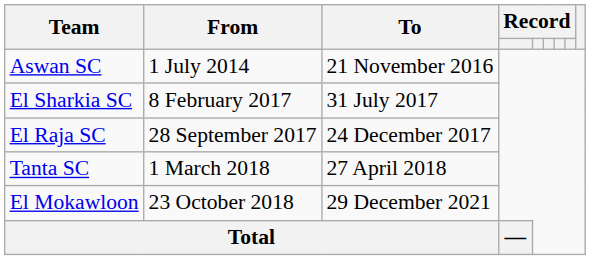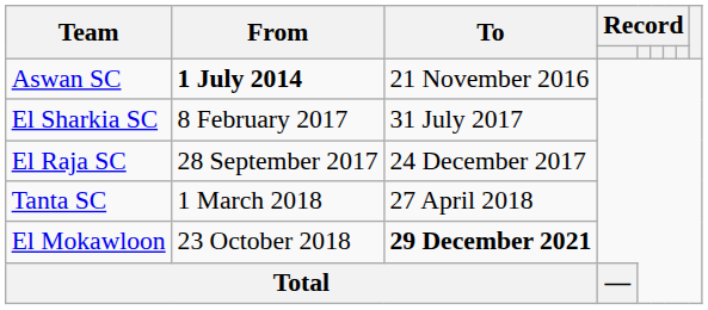 <table class=wikitable style=text-align:center>
 <tr>
 <th rowspan=2>Team</th>
 <th rowspan=2>From</th>
 <th rowspan=2>To</th>
 <th colspan=5>Record</th>
 <th rowspan=2></th>
 </tr>
 <tr>
 <th></th>
 <th></th>
 <th></th>
 <th></th>
 <th></th>
 </tr>
 <tr>
 <td align=left><a href='#'>Aswan SC</a></td>
-<td align=left>1 July 2014</td>
+<td align=left><strong>1 July 2014</strong></td>
 <td align=left>21 November 2016<br></td>
 </tr>
 <tr>
 <td align=left><a href='#'>El Sharkia SC</a></td>
 <td align=left>8 February 2017</td>
 <td align=left>31 July 2017<br></td>
 </tr>
 <tr>
 <td align=left><a href='#'>El Raja SC</a></td>
 <td align=left>28 September 2017</td>
 <td align=left>24 December 2017<br></td>
 </tr>
 <tr>
 <td align=left><a href='#'>Tanta SC</a></td>
 <td align=left>1 March 2018</td>
 <td align=left>27 April 2018<br></td>
 </tr>
 <tr>
 <td align=left><a href='#'>El Mokawloon</a></td>
 <td align=left>23 October 2018</td>
-<td align=left>29 December 2021<br></td>
+<td align=left><strong>29 December 2021<br></strong></td>
 </tr>
 <tr>
 <th colspan=3>Total<br></th>
 <th>—</th>
 </tr>
 </table>
